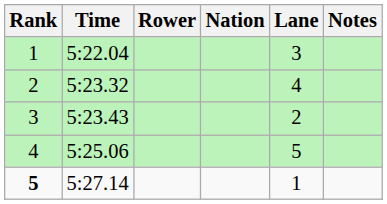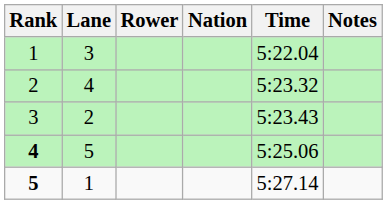 <table class="wikitable sortable" style="text-align:center">
 <tr>
 <th>Rank</th>
-<th>Time</th>
+<th>Lane</th>
 <th>Rower</th>
 <th>Nation</th>
-<th>Lane</th>
+<th>Time</th>
 <th>Notes</th>
 </tr>
 <tr bgcolor=bbf3bb>
 <td>1</td>
-<td>5:22.04</td>
+<td>3</td>
 <td></td>
 <td align=left></td>
-<td>3</td>
+<td>5:22.04</td>
 <td></td>
 </tr>
 <tr bgcolor=bbf3bb>
 <td>2</td>
-<td>5:23.32</td>
+<td>4</td>
 <td></td>
 <td align=left></td>
-<td>4</td>
+<td>5:23.32</td>
 <td></td>
 </tr>
 <tr bgcolor=bbf3bb>
 <td>3</td>
-<td>5:23.43</td>
+<td>2</td>
 <td></td>
 <td align=left></td>
-<td>2</td>
+<td>5:23.43</td>
 <td></td>
 </tr>
 <tr bgcolor=bbf3bb>
-<td>4</td>
-<td>5:25.06</td>
+<td><strong>4</strong></td>
+<td>5</td>
 <td></td>
 <td align=left></td>
-<td>5</td>
+<td>5:25.06</td>
 <td></td>
 </tr>
 <tr>
 <td><strong>5</strong></td>
-<td>5:27.14</td>
+<td>1</td>
 <td></td>
 <td align=left></td>
-<td>1</td>
+<td>5:27.14</td>
 <td></td>
 </tr>
 </table>
